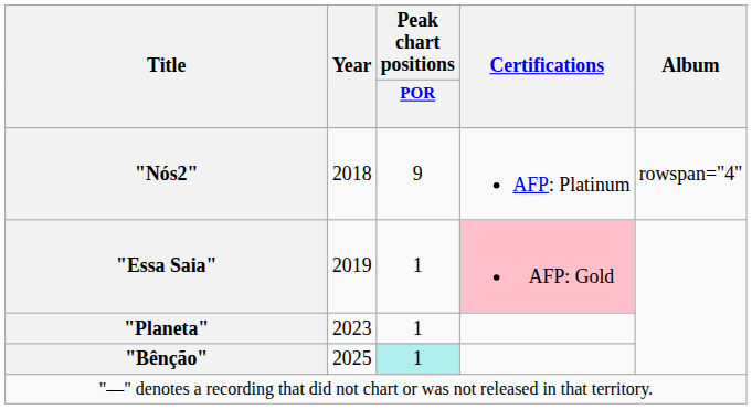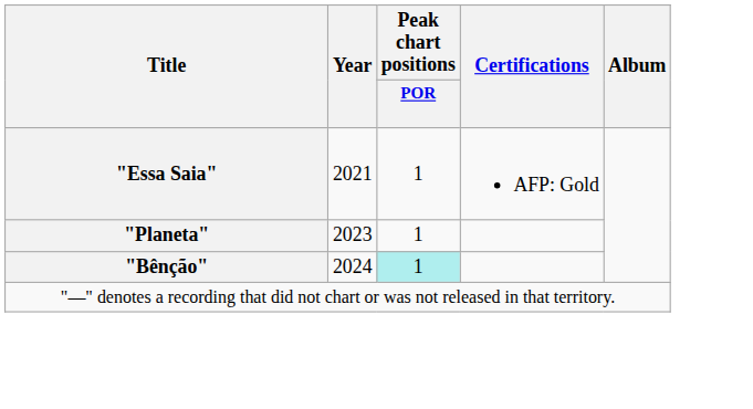 <table class="wikitable plainrowheaders" style="text-align:center;" border="1">
 <tr>
 <th rowspan="2" scope="col" style="width:16em;">Title</th>
 <th rowspan="2" scope="col">Year</th>
 <th scope="col">Peak chart positions</th>
 <th rowspan="2" scope="col"><a href='#'>Certifications</a></th>
 <th rowspan="2" scope="col">Album</th>
 </tr>
 <tr>
 <th scope="col" style="width:3em;font-size:85%;"><a href='#'>POR</a><br><br></th>
 </tr>
 <tr>
-<th scope="row">"Nós2"<br></th>
-<td>2018</td>
-<td>9</td>
-<td><br><ul><li><a href='#'>AFP</a>: Platinum</li></ul></td>
-<td>rowspan="4" </td>
-</tr>
-<tr>
 <th scope="row">"Essa Saia"<br></th>
-<td>2019</td>
+<td>2021</td>
 <td>1</td>
-<td style="background: pink;"><br><ul><li>AFP: Gold</li></ul></td>
+<td><br><ul><li>AFP: Gold</li></ul></td>
 </tr>
 <tr>
 <th scope="row">"Planeta"<br></th>
 <td>2023</td>
 <td>1</td>
 <td></td>
 </tr>
 <tr>
 <th scope="row">"Bênção"<br></th>
-<td>2025</td>
+<td>2024</td>
 <td style="background: paleturquoise;">1</td>
 <td></td>
 </tr>
 <tr>
 <td colspan="5" style="font-size:90%">"—" denotes a recording that did not chart or was not released in that territory.</td>
 </tr>
 </table>
